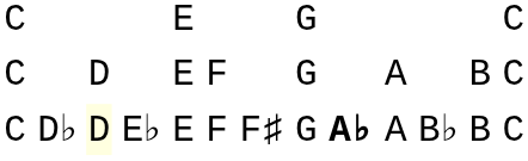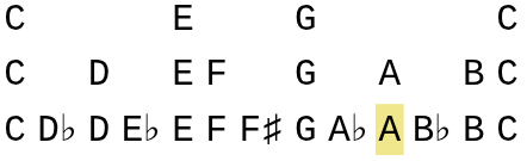 <table>
 <tr>
 <td>C</td>
 <td></td>
 <td></td>
 <td></td>
 <td>E</td>
 <td></td>
 <td></td>
 <td>G</td>
 <td></td>
 <td></td>
 <td></td>
 <td></td>
 <td>C</td>
 </tr>
 <tr>
 <td>C</td>
 <td></td>
 <td>D</td>
 <td></td>
 <td>E</td>
 <td>F</td>
 <td></td>
 <td>G</td>
 <td></td>
 <td>A</td>
 <td></td>
 <td>B</td>
 <td>C</td>
 </tr>
 <tr>
 <td>C</td>
 <td>D♭</td>
-<td style="background: lightyellow;">D</td>
+<td>D</td>
 <td>E♭</td>
 <td>E</td>
 <td>F</td>
 <td>F♯</td>
 <td>G</td>
-<td><strong>A♭</strong></td>
-<td>A</td>
+<td>A♭</td>
+<td style="background: khaki;">A</td>
 <td>B♭</td>
 <td>B</td>
 <td>C</td>
 </tr>
 </table>
